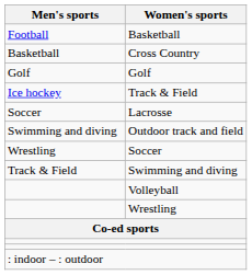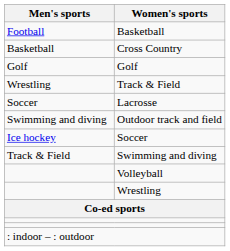 <table class="wikitable" style=" ">
 <tr>
 <th width=150px>Men's sports</th>
 <th width=150px>Women's sports</th>
 </tr>
 <tr>
 <td><a href='#'>Football</a></td>
 <td>Basketball</td>
 </tr>
 <tr>
 <td>Basketball</td>
 <td>Cross Country</td>
 </tr>
 <tr>
 <td>Golf</td>
 <td>Golf</td>
 </tr>
 <tr>
-<td><a href='#'>Ice hockey</a></td>
+<td>Wrestling</td>
 <td>Track & Field</td>
 </tr>
 <tr>
 <td>Soccer</td>
 <td>Lacrosse</td>
 </tr>
 <tr>
 <td>Swimming and diving</td>
 <td>Outdoor track and field</td>
 </tr>
 <tr>
-<td>Wrestling</td>
+<td><a href='#'>Ice hockey</a></td>
 <td>Soccer</td>
 </tr>
 <tr>
 <td>Track & Field</td>
 <td>Swimming and diving</td>
 </tr>
 <tr>
 <td></td>
 <td>Volleyball</td>
 </tr>
 <tr>
 <td></td>
 <td>Wrestling</td>
 </tr>
 <tr>
 <th colspan=2>Co-ed sports</th>
 </tr>
 <tr>
 <td colspan=2></td>
 </tr>
 <tr>
 <td colspan=2></td>
 </tr>
 <tr>
 <td colspan="2">: indoor – : outdoor</td>
 </tr>
 </table>
